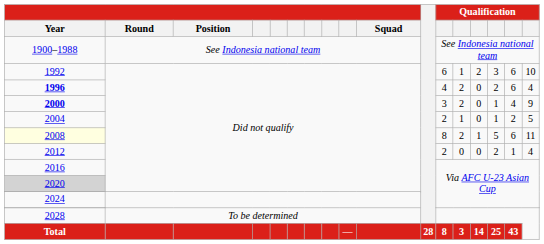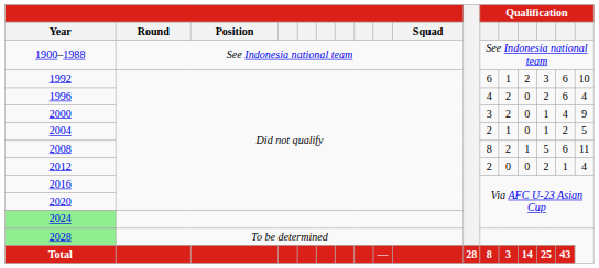 <table class="wikitable" style="text-align: center; width: 850px;">
 <tr>
 <th colspan="10" style="background: #DB2019; color: #FFFFFF;"><a href='#'></a></th>
 <th style="width:1%;" rowspan=15></th>
 <th colspan="6" style="background: #DB2019; color: #FFFFFF;">Qualification</th>
 </tr>
 <tr>
 <th>Year</th>
 <th>Round</th>
 <th>Position</th>
 <th width="20"></th>
 <th width="20"></th>
 <th width="20"></th>
 <th width="20"></th>
 <th width="20"></th>
 <th width="20"></th>
 <th>Squad</th>
 <th width="20"></th>
 <th width="20"></th>
 <th width="20"></th>
 <th width="20"></th>
 <th width="20"></th>
 <th width="20"></th>
 </tr>
 <tr>
 <td><a href='#'>1900</a>–<a href='#'>1988</a></td>
 <td colspan=9><em>See <a href='#'>Indonesia national team</a></em></td>
 <td colspan=6><em>See <a href='#'>Indonesia national team</a></em></td>
 </tr>
 <tr>
 <td> <a href='#'>1992</a></td>
 <td colspan=9 rowspan=9><em>Did not qualify</em></td>
 <td>6</td>
 <td>1</td>
 <td>2</td>
 <td>3</td>
 <td>6</td>
 <td>10</td>
 </tr>
 <tr>
-<td><strong> <a href='#'>1996</a></strong></td>
+<td> <a href='#'>1996</a></td>
 <td>4</td>
 <td>2</td>
 <td>0</td>
 <td>2</td>
 <td>6</td>
 <td>4</td>
 </tr>
 <tr>
-<td><strong> <a href='#'>2000</a></strong></td>
+<td> <a href='#'>2000</a></td>
 <td>3</td>
 <td>2</td>
 <td>0</td>
 <td>1</td>
 <td>4</td>
 <td>9</td>
 </tr>
 <tr>
 <td> <a href='#'>2004</a></td>
 <td>2</td>
 <td>1</td>
 <td>0</td>
 <td>1</td>
 <td>2</td>
 <td>5</td>
 </tr>
 <tr>
-<td style="background: lightyellow;"> <a href='#'>2008</a></td>
+<td> <a href='#'>2008</a></td>
 <td>8</td>
 <td>2</td>
 <td>1</td>
 <td>5</td>
 <td>6</td>
 <td>11</td>
 </tr>
 <tr>
 <td> <a href='#'>2012</a></td>
 <td>2</td>
 <td>0</td>
 <td>0</td>
 <td>2</td>
 <td>1</td>
 <td>4</td>
 </tr>
 <tr>
 <td> <a href='#'>2016</a></td>
 <td rowspan="4" colspan="6"><em>Via <a href='#'>AFC U-23 Asian Cup</a></em></td>
 </tr>
 <tr>
-<td style="background: lightgrey;"> <a href='#'>2020</a></td>
+<td> <a href='#'>2020</a></td>
 </tr>
 <tr style="background: #DB2019; color: #FFFFFF;|">
 </tr>
 <tr>
-<td> <a href='#'>2024</a></td>
+<td style="background: lightgreen;"> <a href='#'>2024</a></td>
 </tr>
 <tr style="background: #DB2019; color: #FFFFFF;|">
 </tr>
 <tr>
-<td> <a href='#'>2028</a></td>
+<td style="background: lightgreen;"> <a href='#'>2028</a></td>
 <td colspan=9><em>To be determined</em></td>
 </tr>
 <tr style="background: #DB2019; color: #FFFFFF;|">
 <td><strong>Total</strong></td>
 <td></td>
 <td></td>
 <td></td>
 <td></td>
 <td></td>
 <td></td>
 <td></td>
 <td><strong>—</strong></td>
 <td></td>
 <td><strong>28</strong></td>
 <td><strong>8</strong></td>
 <td><strong>3</strong></td>
 <td><strong>14</strong></td>
 <td><strong>25</strong></td>
 <td><strong>43</strong></td>
 </tr>
 </table>
